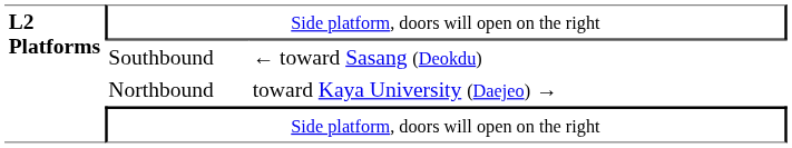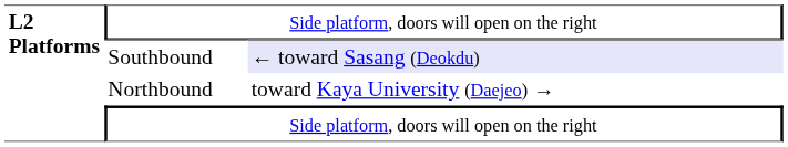 <table table border=0 cellspacing=0 cellpadding=3>
 <tr>
 <td style="border-top:solid 1px gray;border-bottom:solid 1px gray;" width=50 rowspan=10 valign=top><strong>L2<br>Platforms</strong></td>
 <td style="border-top:solid 1px gray;border-right:solid 2px black;border-left:solid 2px black;border-bottom:solid 1px black;text-align:center;" colspan=2><small><a href='#'>Side platform</a>, doors will open on the right</small></td>
 </tr>
 <tr>
 <td style="border-bottom:solid 0px gray;border-top:solid 1px gray;" width=100>Southbound</td>
-<td style="border-bottom:solid 0px gray;border-top:solid 1px gray;" width=390>←  toward <a href='#'>Sasang</a> <small>(<a href='#'>Deokdu</a>)</small></td>
+<td style="background: lavender; border-bottom:solid 0px gray;border-top:solid 1px gray;" width=390>←  toward <a href='#'>Sasang</a> <small>(<a href='#'>Deokdu</a>)</small></td>
 </tr>
 <tr>
 <td>Northbound</td>
 <td>  toward <a href='#'>Kaya University</a> <small>(<a href='#'>Daejeo</a>)</small> →</td>
 </tr>
 <tr>
 <td style="border-top:solid 2px black;border-right:solid 2px black;border-left:solid 2px black;border-bottom:solid 1px gray;text-align:center;" colspan=2><small><a href='#'>Side platform</a>, doors will open on the right</small></td>
 </tr>
 </table>
